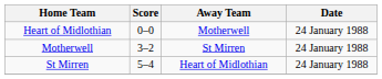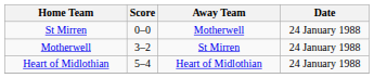 <table class="wikitable" style="text-align:center;">
 <tr>
 <th width=175>Home Team</th>
 <th width=20>Score</th>
 <th width=175>Away Team</th>
 <th width= 125>Date</th>
 </tr>
 <tr>
-<td><a href='#'>Heart of Midlothian</a></td>
+<td><a href='#'>St Mirren</a></td>
 <td>0–0 </td>
 <td><a href='#'>Motherwell</a></td>
 <td>24 January 1988</td>
 </tr>
 <tr>
 <td><a href='#'>Motherwell</a></td>
 <td>3–2</td>
 <td><a href='#'>St Mirren</a></td>
 <td>24 January 1988</td>
 </tr>
 <tr>
-<td><a href='#'>St Mirren</a></td>
+<td><a href='#'>Heart of Midlothian</a></td>
 <td>5–4</td>
 <td><a href='#'>Heart of Midlothian</a></td>
 <td>24 January 1988</td>
 </tr>
 <tr>
 </tr>
 </table>
